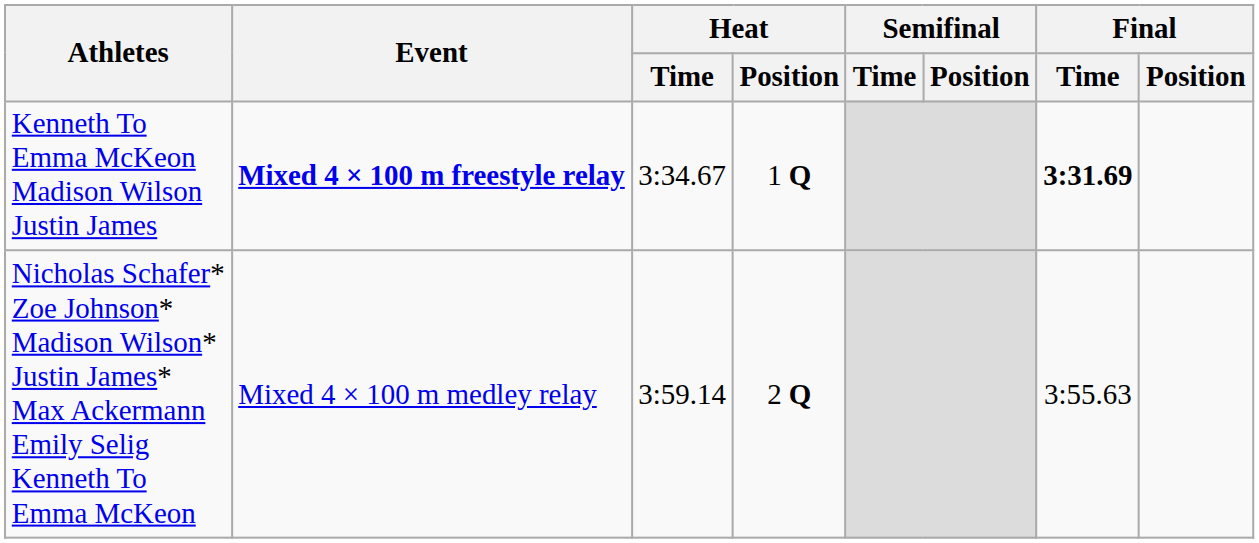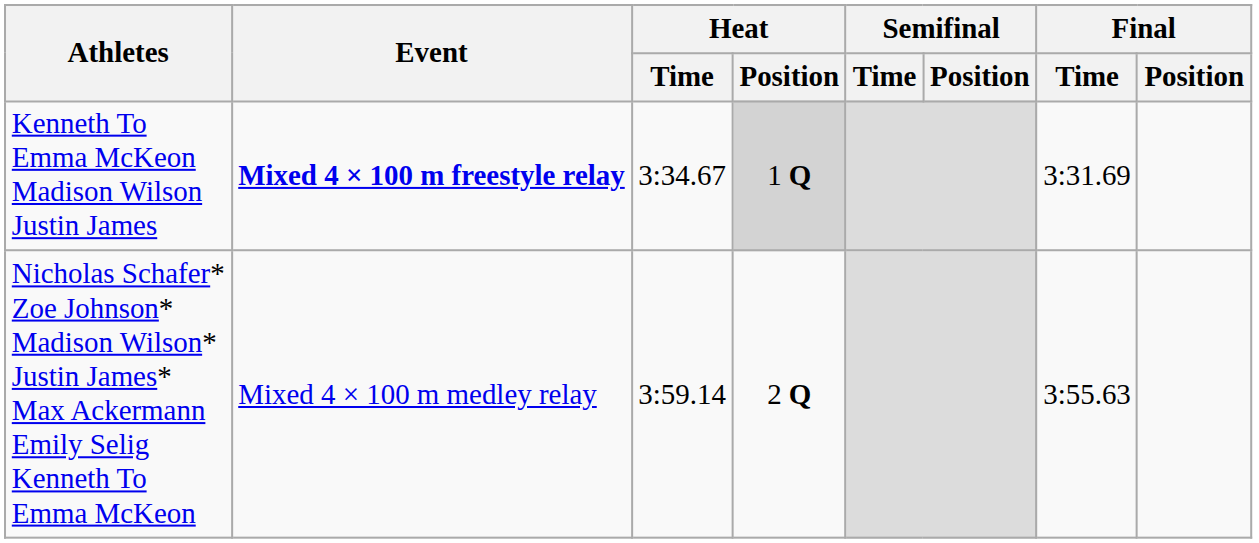 <table class="wikitable" style="font-size:90%;">
 <tr>
 <th rowspan=2>Athletes</th>
 <th rowspan=2>Event</th>
 <th colspan=2>Heat</th>
 <th colspan=2>Semifinal</th>
 <th colspan=2>Final</th>
 </tr>
 <tr>
 <th>Time</th>
 <th>Position</th>
 <th>Time</th>
 <th>Position</th>
 <th>Time</th>
 <th>Position</th>
 </tr>
 <tr>
 <td><a href='#'>Kenneth To</a><br><a href='#'>Emma McKeon</a><br><a href='#'>Madison Wilson</a><br><a href='#'>Justin James</a></td>
 <td><strong><a href='#'>Mixed 4 × 100 m freestyle relay</a></strong></td>
 <td align=center>3:34.67</td>
-<td align=center>1 <strong>Q</strong></td>
+<td align=center style="background: lightgrey;">1 <strong>Q</strong></td>
 <td colspan="2" style="background:#dcdcdc;"></td>
-<td align=center><strong>3:31.69</strong></td>
+<td align=center>3:31.69</td>
 <td align=center></td>
 </tr>
 <tr>
 <td><a href='#'>Nicholas Schafer</a>*<br><a href='#'>Zoe Johnson</a>*<br><a href='#'>Madison Wilson</a>*<br><a href='#'>Justin James</a>*<br><a href='#'>Max Ackermann</a><br><a href='#'>Emily Selig</a><br><a href='#'>Kenneth To</a><br><a href='#'>Emma McKeon</a></td>
 <td><a href='#'>Mixed 4 × 100 m medley relay</a></td>
 <td align=center>3:59.14</td>
 <td align=center>2 <strong>Q</strong></td>
 <td colspan="2" style="background:#dcdcdc;"></td>
 <td align=center>3:55.63</td>
 <td align=center></td>
 </tr>
 </table>
